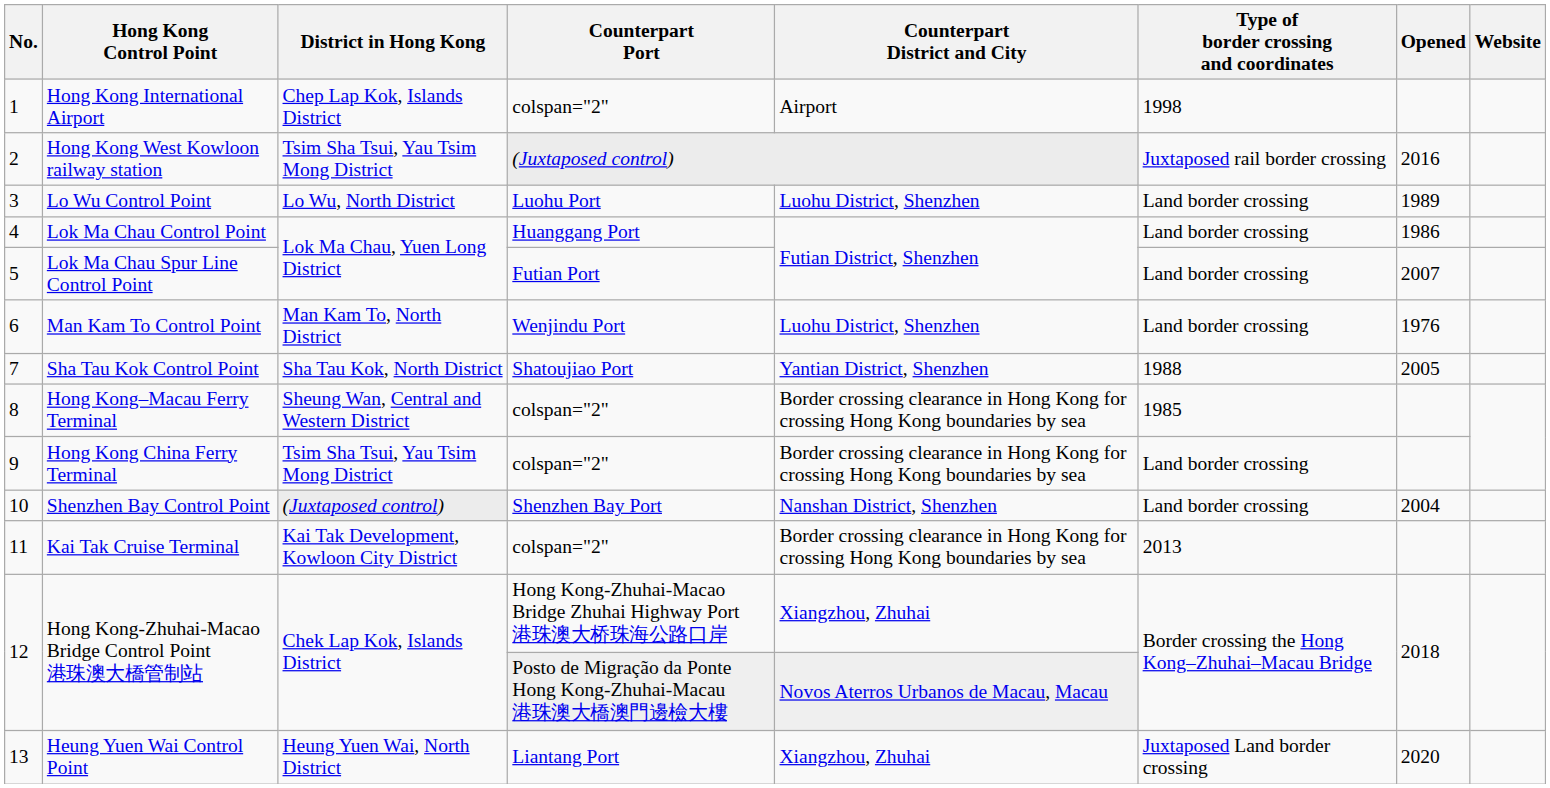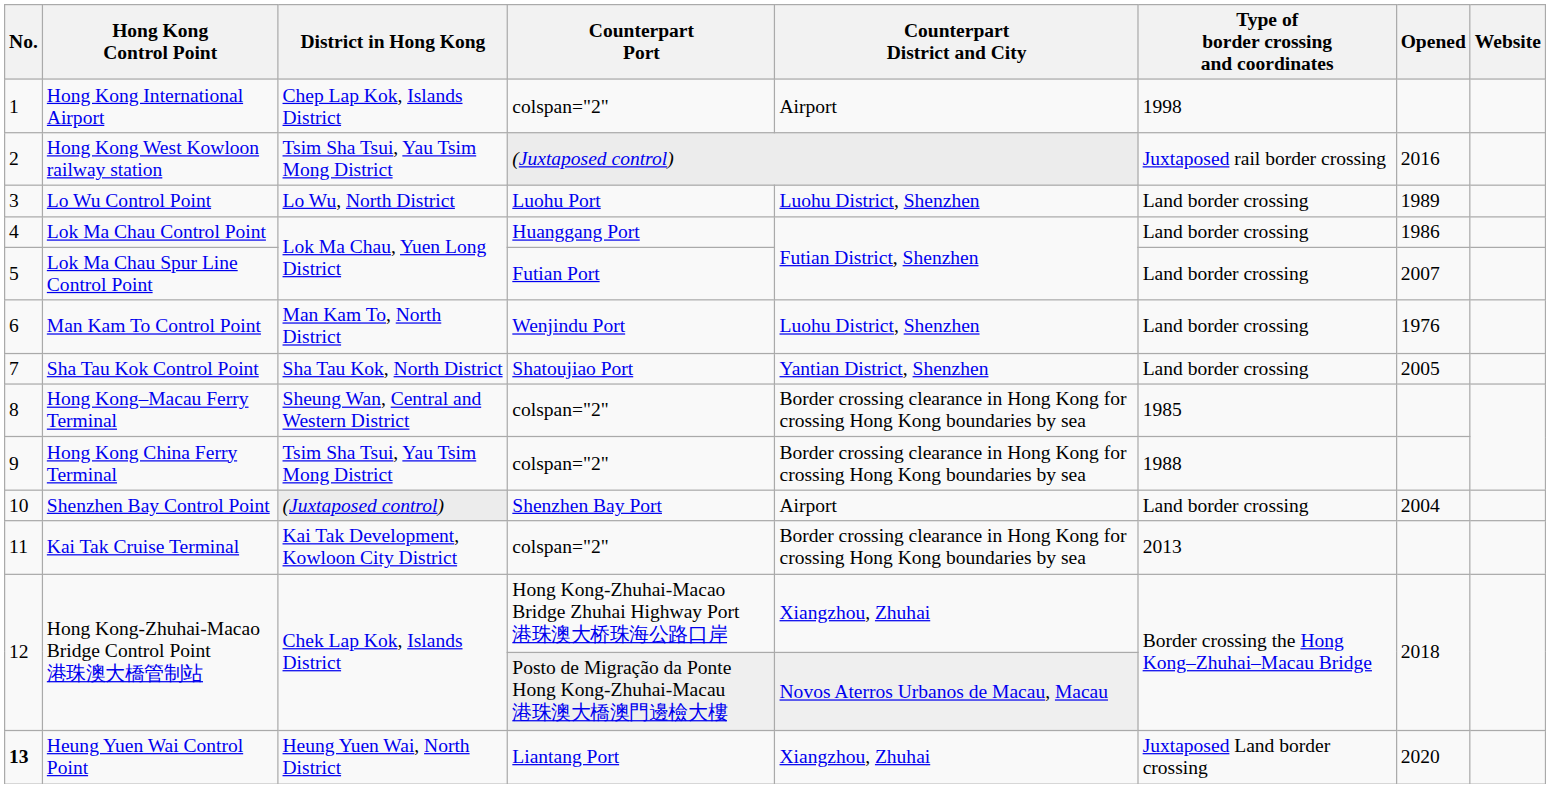 <table class="wikitable" style="width:100%;">
 <tr>
 <th>No.</th>
 <th>Hong Kong<br>Control Point</th>
 <th>District in Hong Kong</th>
 <th>Counterpart <br> Port</th>
 <th>Counterpart <br> District and City</th>
 <th>Type of<br>border crossing<br>and coordinates</th>
 <th>Opened</th>
 <th>Website</th>
 </tr>
 <tr>
 <td>1</td>
 <td><a href='#'>Hong Kong International Airport</a><br></td>
 <td><a href='#'>Chep Lap Kok</a>, <a href='#'>Islands District</a></td>
 <td>colspan="2" </td>
 <td>Airport<br></td>
 <td>1998</td>
 <td></td>
 </tr>
 <tr>
 <td>2</td>
 <td><a href='#'>Hong Kong West Kowloon railway station</a><br></td>
 <td><a href='#'>Tsim Sha Tsui</a>, <a href='#'>Yau Tsim Mong District</a></td>
 <td style="background: var(--background-color-interactive, #ececec)" colspan="2"><em>(<a href='#'>Juxtaposed control</a>)</em></td>
 <td><a href='#'>Juxtaposed</a> rail border crossing<br></td>
 <td>2016</td>
 <td><br><br></td>
 </tr>
 <tr>
 <td>3</td>
 <td><a href='#'>Lo Wu Control Point</a><br></td>
 <td><a href='#'>Lo Wu</a>, <a href='#'>North District</a></td>
 <td><a href='#'>Luohu Port</a><br></td>
 <td><a href='#'>Luohu District</a>, <a href='#'>Shenzhen</a></td>
 <td>Land border crossing<br></td>
 <td>1989</td>
 <td><br></td>
 </tr>
 <tr>
 <td>4</td>
 <td><a href='#'>Lok Ma Chau Control Point</a><br></td>
 <td rowspan="2"><a href='#'>Lok Ma Chau</a>, <a href='#'>Yuen Long District</a></td>
 <td><a href='#'>Huanggang Port</a><br></td>
 <td rowspan="2"><a href='#'>Futian District</a>, <a href='#'>Shenzhen</a></td>
 <td>Land border crossing<br></td>
 <td>1986</td>
 <td><br></td>
 </tr>
 <tr>
 <td>5</td>
 <td><a href='#'>Lok Ma Chau Spur Line Control Point</a><br></td>
 <td><a href='#'>Futian Port</a><br></td>
 <td>Land border crossing<br></td>
 <td>2007</td>
 <td><br></td>
 </tr>
 <tr>
 <td>6</td>
 <td><a href='#'>Man Kam To Control Point</a><br></td>
 <td><a href='#'>Man Kam To</a>, <a href='#'>North District</a></td>
 <td><a href='#'>Wenjindu Port</a><br></td>
 <td><a href='#'>Luohu District</a>, <a href='#'>Shenzhen</a></td>
 <td>Land border crossing<br></td>
 <td>1976</td>
 <td><br></td>
 </tr>
 <tr>
 <td>7</td>
 <td><a href='#'>Sha Tau Kok Control Point</a><br></td>
 <td><a href='#'>Sha Tau Kok</a>, <a href='#'>North District</a></td>
 <td><a href='#'>Shatoujiao Port</a><br></td>
 <td><a href='#'>Yantian District</a>, <a href='#'>Shenzhen</a></td>
-<td>1988</td>
+<td>Land border crossing<br></td>
 <td>2005</td>
 <td><br></td>
 </tr>
 <tr>
 <td>8</td>
 <td><a href='#'>Hong Kong–Macau Ferry Terminal</a><br></td>
 <td><a href='#'>Sheung Wan</a>, <a href='#'>Central and Western District</a></td>
 <td>colspan="2" </td>
 <td>Border crossing clearance in Hong Kong for crossing Hong Kong boundaries by sea<br></td>
 <td>1985</td>
 <td></td>
 </tr>
 <tr>
 <td>9</td>
 <td><a href='#'>Hong Kong China Ferry Terminal</a><br></td>
 <td><a href='#'>Tsim Sha Tsui</a>, <a href='#'>Yau Tsim Mong District</a></td>
 <td>colspan="2" </td>
 <td>Border crossing clearance in Hong Kong for crossing Hong Kong boundaries by sea<br></td>
-<td>Land border crossing<br></td>
+<td>1988</td>
 <td></td>
 </tr>
 <tr>
 <td>10</td>
 <td><a href='#'>Shenzhen Bay Control Point</a><br></td>
 <td style="background: var(--background-color-interactive, #ececec)"><em>(<a href='#'>Juxtaposed control</a>)</em></td>
 <td><a href='#'>Shenzhen Bay Port</a><br></td>
-<td><a href='#'>Nanshan District</a>, <a href='#'>Shenzhen</a></td>
+<td>Airport<br></td>
 <td>Land border crossing<br></td>
 <td>2004</td>
 <td><br></td>
 </tr>
 <tr>
 <td>11</td>
 <td><a href='#'>Kai Tak Cruise Terminal</a><br></td>
 <td><a href='#'>Kai Tak Development</a>, <a href='#'>Kowloon City District</a></td>
 <td>colspan="2" </td>
 <td>Border crossing clearance in Hong Kong for crossing Hong Kong boundaries by sea<br></td>
 <td>2013</td>
 <td></td>
 </tr>
 <tr>
 <td rowspan=2>12</td>
 <td rowspan=2>Hong Kong-Zhuhai-Macao Bridge Control Point<br><a href='#'>港珠澳大橋管制站</a></td>
 <td rowspan=2><a href='#'>Chek Lap Kok</a>, <a href='#'>Islands District</a></td>
 <td>Hong Kong-Zhuhai-Macao Bridge Zhuhai Highway Port<br><a href='#'>港珠澳大桥珠海公路口岸</a></td>
 <td><a href='#'>Xiangzhou</a>, <a href='#'>Zhuhai</a></td>
 <td rowspan="2">Border crossing the <a href='#'>Hong Kong–Zhuhai–Macau Bridge</a><br></td>
 <td rowspan="2">2018</td>
 <td rowspan=2><br></td>
 </tr>
 <tr>
 <td bgcolor=#efefef>Posto de Migração da Ponte Hong Kong-Zhuhai-Macau<br><a href='#'>港珠澳大橋澳門邊檢大樓</a></td>
 <td bgcolor=#efefef><a href='#'>Novos Aterros Urbanos de Macau</a>, <a href='#'>Macau</a></td>
 </tr>
 <tr>
-<td>13</td>
+<td><strong>13</strong></td>
 <td><a href='#'>Heung Yuen Wai Control Point</a><br></td>
 <td><a href='#'>Heung Yuen Wai</a>, <a href='#'>North District</a></td>
 <td><a href='#'>Liantang Port</a><br></td>
 <td><a href='#'>Xiangzhou</a>, <a href='#'>Zhuhai</a></td>
 <td><a href='#'>Juxtaposed</a> Land border crossing<br></td>
 <td>2020</td>
 <td><br></td>
 </tr>
 </table>
